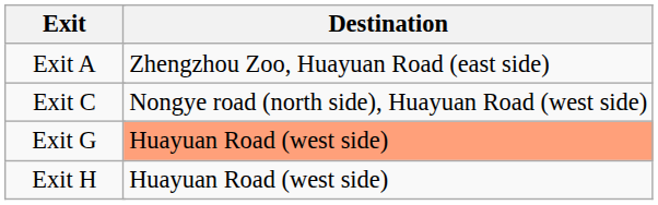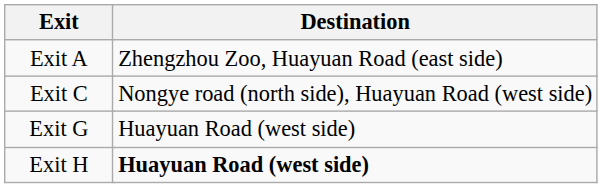 <table class="wikitable">
 <tr>
 <th style="width:70px" colspan="2">Exit</th>
 <th>Destination</th>
 </tr>
 <tr>
 <td align="center" colspan="2">Exit A</td>
 <td>Zhengzhou Zoo, Huayuan Road (east side)</td>
 </tr>
 <tr>
 <td align="center" colspan="2">Exit C</td>
 <td>Nongye road (north side), Huayuan Road (west side)</td>
 </tr>
 <tr>
 <td align="center" colspan="2">Exit G</td>
-<td style="background: lightsalmon;">Huayuan Road (west side)</td>
+<td>Huayuan Road (west side)</td>
 </tr>
 <tr>
 <td align="center" colspan="2">Exit H</td>
-<td>Huayuan Road (west side)</td>
+<td><strong>Huayuan Road (west side)</strong></td>
 </tr>
 </table>
